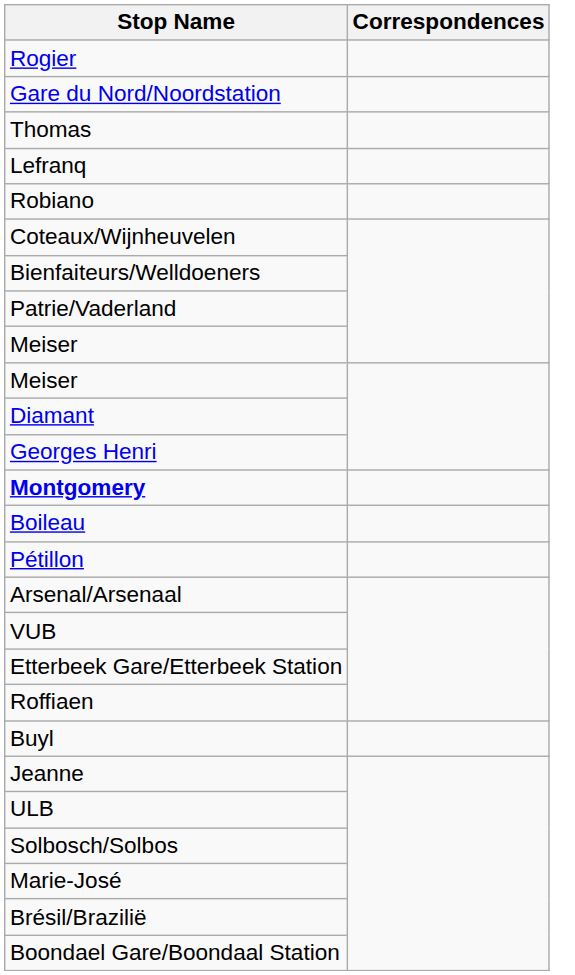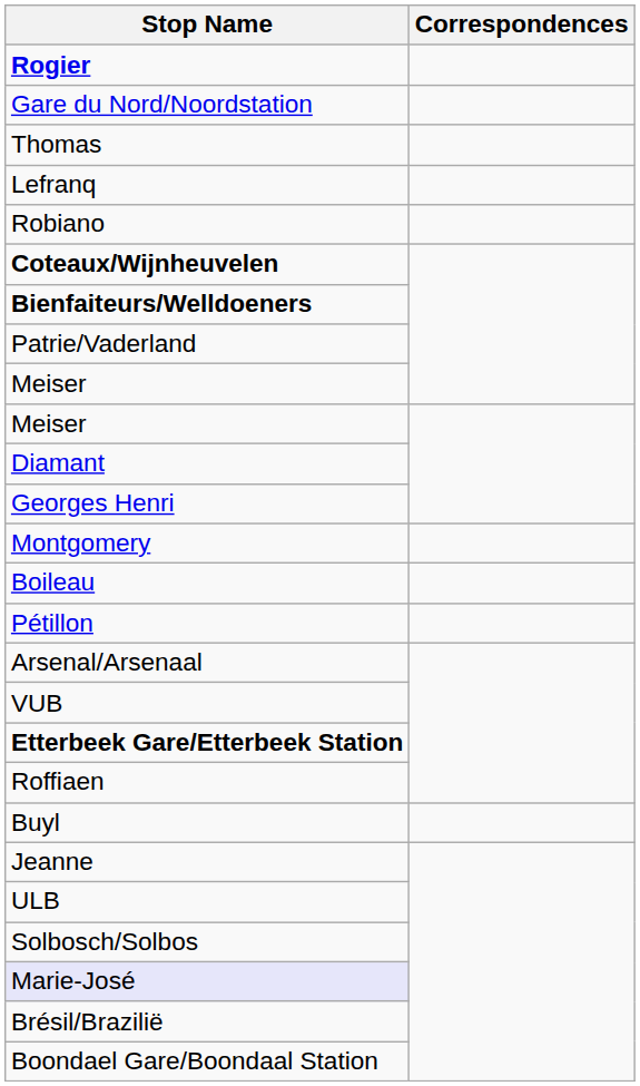 <table class="wikitable">
 <tr>
 <th>Stop Name</th>
 <th>Correspondences</th>
 </tr>
 <tr>
-<td><a href='#'>Rogier</a></td>
+<td><strong><a href='#'>Rogier</a></strong></td>
 <td>    </td>
 </tr>
 <tr>
 <td><a href='#'>Gare du Nord/Noordstation</a></td>
 <td>  </td>
 </tr>
 <tr>
 <td>Thomas</td>
 <td>  </td>
 </tr>
 <tr>
 <td>Lefranq</td>
 <td> </td>
 </tr>
 <tr>
 <td>Robiano</td>
 <td> </td>
 </tr>
 <tr>
-<td>Coteaux/Wijnheuvelen</td>
+<td><strong>Coteaux/Wijnheuvelen</strong></td>
 <td rowspan="4"></td>
 </tr>
 <tr>
-<td>Bienfaiteurs/Welldoeners</td>
+<td><strong>Bienfaiteurs/Welldoeners</strong></td>
 </tr>
 <tr>
 <td>Patrie/Vaderland</td>
 </tr>
 <tr>
 <td>Meiser</td>
 </tr>
 <tr>
 <td>Meiser</td>
 <td rowspan="3"></td>
 </tr>
 <tr>
 <td><a href='#'>Diamant</a></td>
 </tr>
 <tr>
 <td><a href='#'>Georges Henri</a></td>
 </tr>
 <tr>
-<td><strong><a href='#'>Montgomery</a></strong></td>
+<td><a href='#'>Montgomery</a></td>
 <td>    </td>
 </tr>
 <tr>
 <td><a href='#'>Boileau</a></td>
 <td></td>
 </tr>
 <tr>
 <td><a href='#'>Pétillon</a></td>
 <td></td>
 </tr>
 <tr>
 <td>Arsenal/Arsenaal</td>
 <td rowspan="4"></td>
 </tr>
 <tr>
 <td>VUB</td>
 </tr>
 <tr>
-<td>Etterbeek Gare/Etterbeek Station</td>
+<td><strong>Etterbeek Gare/Etterbeek Station</strong></td>
 </tr>
 <tr>
 <td>Roffiaen</td>
 </tr>
 <tr>
 <td>Buyl</td>
 <td></td>
 </tr>
 <tr>
 <td>Jeanne</td>
 <td rowspan="6"></td>
 </tr>
 <tr>
 <td>ULB</td>
 </tr>
 <tr>
 <td>Solbosch/Solbos</td>
 </tr>
 <tr>
-<td>Marie-José</td>
+<td style="background: lavender;">Marie-José</td>
 </tr>
 <tr>
 <td>Brésil/Brazilië</td>
 </tr>
 <tr>
 <td>Boondael Gare/Boondaal Station</td>
 </tr>
 </table>
